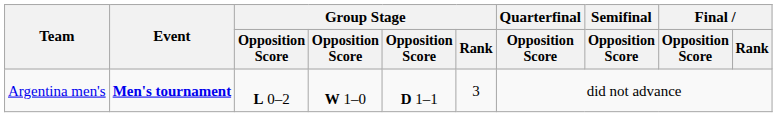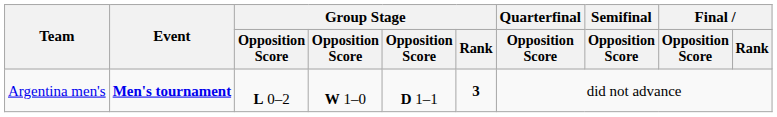 <table class="wikitable" style="font-size:90%">
 <tr>
 <th rowspan=2>Team</th>
 <th rowspan=2>Event</th>
 <th colspan=4>Group Stage</th>
 <th>Quarterfinal</th>
 <th>Semifinal</th>
 <th colspan=2>Final / </th>
 </tr>
 <tr style="font-size:95%">
 <th>Opposition<br>Score</th>
 <th>Opposition<br>Score</th>
 <th>Opposition<br>Score</th>
 <th>Rank</th>
 <th>Opposition<br>Score</th>
 <th>Opposition<br>Score</th>
 <th>Opposition<br>Score</th>
 <th>Rank</th>
 </tr>
 <tr align=center>
 <td align=left><a href='#'>Argentina men's</a></td>
 <td align=left><strong><a href='#'>Men's tournament</a></strong></td>
 <td><br><strong>L</strong> 0–2</td>
 <td><br><strong>W</strong> 1–0</td>
 <td><br><strong>D</strong> 1–1</td>
-<td>3</td>
+<td><strong>3</strong></td>
 <td colspan="4">did not advance</td>
 </tr>
 </table>
